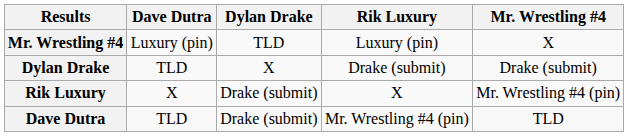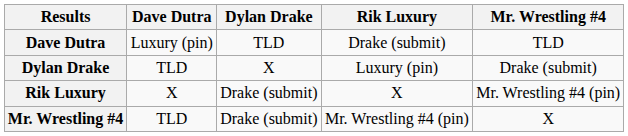 <table class="wikitable" style="text-align:center; margin: 1em auto 1em auto">
 <tr>
 <th>Results</th>
 <th>Dave Dutra</th>
 <th>Dylan Drake</th>
 <th>Rik Luxury</th>
 <th>Mr. Wrestling #4</th>
 </tr>
 <tr>
-<th>Mr. Wrestling #4</th>
+<th>Dave Dutra</th>
 <td>Luxury (pin)</td>
 <td>TLD</td>
-<td>Luxury (pin)</td>
-<td>X</td>
+<td>Drake (submit)</td>
+<td>TLD</td>
 </tr>
 <tr>
 <th>Dylan Drake</th>
 <td>TLD</td>
 <td>X</td>
-<td>Drake (submit)</td>
+<td>Luxury (pin)</td>
 <td>Drake (submit)</td>
 </tr>
 <tr>
 <th>Rik Luxury</th>
 <td>X</td>
 <td>Drake (submit)</td>
 <td>X</td>
 <td>Mr. Wrestling #4 (pin)</td>
 </tr>
 <tr>
-<th>Dave Dutra</th>
+<th>Mr. Wrestling #4</th>
 <td>TLD</td>
 <td>Drake (submit)</td>
 <td>Mr. Wrestling #4 (pin)</td>
-<td>TLD</td>
+<td>X</td>
 </tr>
 </table>
